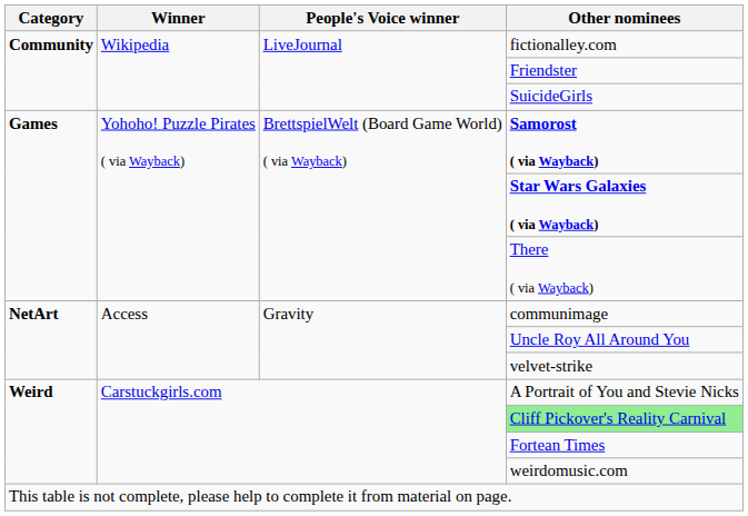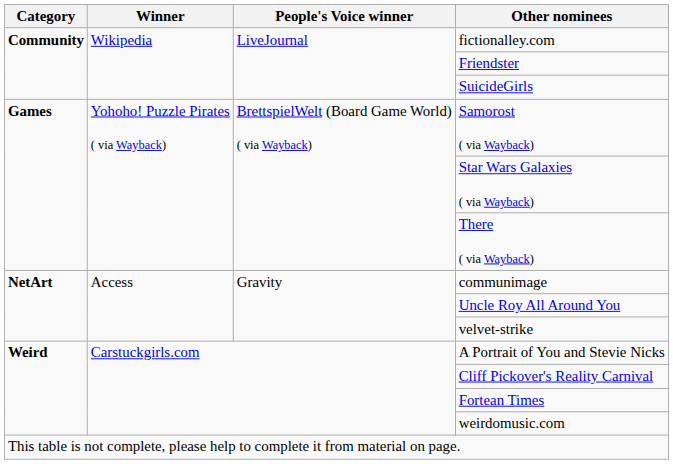 <table class="wikitable">
 <tr>
 <th>Category</th>
 <th>Winner</th>
 <th>People's Voice winner</th>
 <th>Other nominees</th>
 </tr>
 <tr valign="top">
 <td rowspan="3"><strong>Community</strong></td>
 <td rowspan="3"><a href='#'>Wikipedia</a></td>
 <td rowspan="3"><a href='#'>LiveJournal</a></td>
 <td>fictionalley.com</td>
 </tr>
 <tr valign="top">
 <td><a href='#'>Friendster</a></td>
 </tr>
 <tr valign="top">
 <td><a href='#'>SuicideGirls</a></td>
 </tr>
 <tr valign="top">
 <td rowspan="3"><strong>Games</strong></td>
 <td rowspan="3"><a href='#'>Yohoho! Puzzle Pirates</a><br><br><small>( via <a href='#'>Wayback</a>)</small></td>
 <td rowspan="3"><a href='#'>BrettspielWelt</a> (Board Game World)<br><br><small>( via <a href='#'>Wayback</a>)</small></td>
-<td><strong><a href='#'>Samorost</a><br><br><small>( via <a href='#'>Wayback</a>)</small></strong></td>
+<td><a href='#'>Samorost</a><br><br><small>( via <a href='#'>Wayback</a>)</small></td>
 </tr>
 <tr valign="top">
-<td><strong><a href='#'>Star Wars Galaxies</a><br><br><small>( via <a href='#'>Wayback</a>)</small></strong></td>
+<td><a href='#'>Star Wars Galaxies</a><br><br><small>( via <a href='#'>Wayback</a>)</small></td>
 </tr>
 <tr valign="top">
 <td><a href='#'>There</a><br><br><small>( via <a href='#'>Wayback</a>)</small></td>
 </tr>
 <tr valign="top">
 <td rowspan="3"><strong>NetArt</strong></td>
 <td rowspan="3">Access</td>
 <td rowspan="3">Gravity</td>
 <td>communimage</td>
 </tr>
 <tr valign="top">
 <td><a href='#'>Uncle Roy All Around You</a></td>
 </tr>
 <tr valign="top">
 <td>velvet-strike</td>
 </tr>
 <tr valign="top">
 <td rowspan="4"><strong>Weird</strong></td>
 <td rowspan="4" colspan="2"><a href='#'>Carstuckgirls.com</a></td>
 <td>A Portrait of You and Stevie Nicks</td>
 </tr>
 <tr valign="top">
-<td style="background: lightgreen;"><a href='#'>Cliff Pickover's Reality Carnival</a></td>
+<td><a href='#'>Cliff Pickover's Reality Carnival</a></td>
 </tr>
 <tr valign="top">
 <td><a href='#'>Fortean Times</a></td>
 </tr>
 <tr valign="top">
 <td>weirdomusic.com</td>
 </tr>
 <tr valign="top">
 <td colspan=4>This table is not complete, please help to complete it from material on  page.</td>
 </tr>
 </table>
